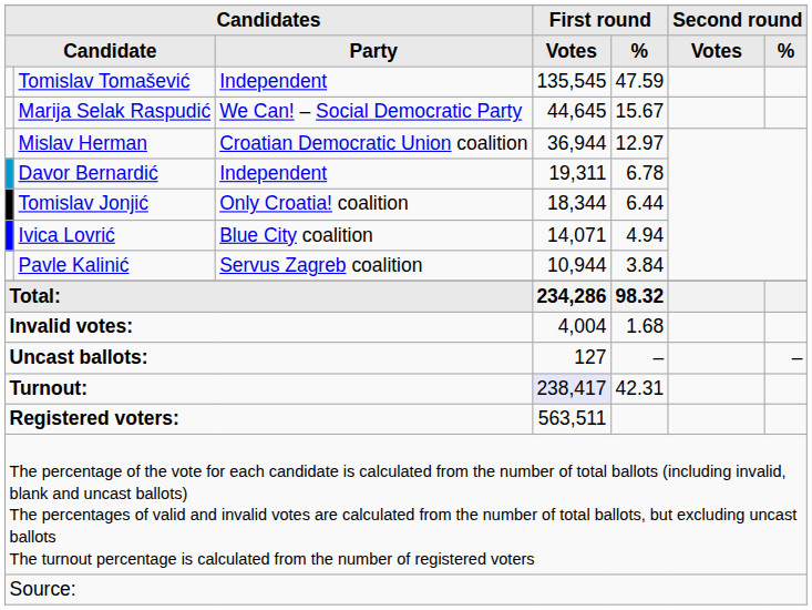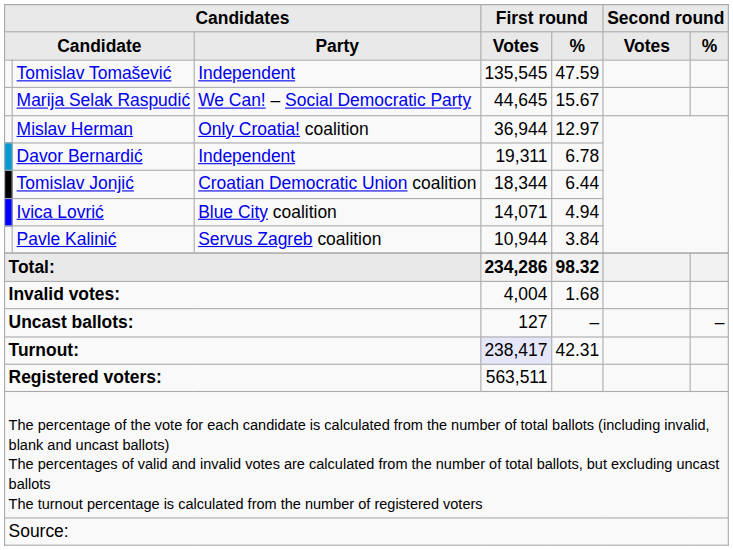 <table class="wikitable" border="1">
 <tr>
 </tr>
 <tr style="background-color:#C9C9C9">
 <th style="background-color:#E9E9E9" align= center colspan="3">Candidates</th>
 <th style="background-color:#E9E9E9" align= center colspan="2">First round</th>
 <th style="background-color:#E9E9E9" align= center colspan="2">Second round</th>
 </tr>
 <tr>
 <th style="background-color:#E9E9E9" align= center colspan="2">Candidate</th>
 <th style="background-color:#E9E9E9" align= center>Party</th>
 <th style="background-color:#E9E9E9" align= center>Votes</th>
 <th style="background-color:#E9E9E9" align= center>%</th>
 <th style="background-color:#E9E9E9" align= center>Votes</th>
 <th style="background-color:#E9E9E9" align= center>%</th>
 </tr>
 <tr>
 <td bgcolor=></td>
 <td align="left"><a href='#'>Tomislav Tomašević</a></td>
 <td align = left><a href='#'>Independent</a></td>
 <td align="right">135,545</td>
 <td align="right">47.59</td>
 <td align="right"></td>
 <td align="right"></td>
 </tr>
 <tr>
 <td bgcolor=></td>
 <td align = left><a href='#'>Marija Selak Raspudić</a></td>
 <td align="left"><a href='#'>We Can!</a> – <a href='#'>Social Democratic Party</a></td>
 <td align = right>44,645</td>
 <td align = right>15.67</td>
 <td align="right"></td>
 <td align="right"></td>
 </tr>
 <tr>
 <td></td>
 <td align="left"><a href='#'>Mislav Herman</a></td>
-<td align="left"><a href='#'>Croatian Democratic Union</a> coalition</td>
+<td align="left"><a href='#'>Only Croatia!</a> coalition</td>
 <td align="right">36,944</td>
 <td align="right">12.97</td>
 <td align="right" colspan ="2" rowspan="5"></td>
 </tr>
 <tr>
 <td bgcolor=#009bcf></td>
 <td align="left"><a href='#'>Davor Bernardić</a></td>
 <td align = left><a href='#'>Independent</a></td>
 <td align="right">19,311</td>
 <td align="right">6.78</td>
 </tr>
 <tr>
 <td bgcolor=black></td>
 <td align="left"><a href='#'>Tomislav Jonjić</a></td>
-<td align="left"><a href='#'>Only Croatia!</a> coalition</td>
+<td align="left"><a href='#'>Croatian Democratic Union</a> coalition</td>
 <td align="right">18,344</td>
 <td align="right">6.44</td>
 </tr>
 <tr>
 <td bgcolor="blue"></td>
 <td align = left><a href='#'>Ivica Lovrić</a></td>
 <td align = left><a href='#'>Blue City</a> coalition</td>
 <td align = right>14,071</td>
 <td align = right>4.94</td>
 </tr>
 <tr>
 <td bgcolor=></td>
 <td align = left><a href='#'>Pavle Kalinić</a></td>
 <td align="left"><a href='#'>Servus Zagreb</a> coalition</td>
 <td align = right>10,944</td>
 <td align = right>3.84</td>
 </tr>
 <tr>
 </tr>
 <tr style="background-color:#E9E9E9">
 <td align=left colspan=3><strong>Total:</strong></td>
 <th align=right>234,286</th>
 <th align=right>98.32</th>
 <th align=right></th>
 <th align=right></th>
 </tr>
 <tr>
 <td align=left colspan=3><strong>Invalid votes:</strong></td>
 <td align=right>4,004</td>
 <td align=right>1.68</td>
 <td align=right></td>
 <td align=right></td>
 </tr>
 <tr>
 <td align=left colspan=3><strong>Uncast ballots:</strong></td>
 <td align=right>127</td>
 <td align=right>–</td>
 <td align=right></td>
 <td align=right>–</td>
 </tr>
 <tr>
 <td align=left colspan=3><strong>Turnout:</strong></td>
 <td align=right style="background: lavender;">238,417</td>
 <td align=right>42.31</td>
 <td align=right></td>
 <td align=right></td>
 </tr>
 <tr>
 <td align=left colspan=3><strong>Registered voters:</strong></td>
 <td align=right>563,511</td>
 <td align=right></td>
 <td align=right></td>
 <td align=right></td>
 </tr>
 <tr>
 <td align=left colspan=8><br><small>The percentage of the vote for each candidate is calculated from the number of total ballots (including invalid,<br> blank and uncast ballots)<br> The percentages of valid and invalid votes are calculated from the number of total ballots, but excluding uncast<br>ballots<br> The turnout percentage is calculated from the number of registered voters</small></td>
 </tr>
 <tr>
 <td align=left colspan=8>Source: </td>
 </tr>
 </table>
